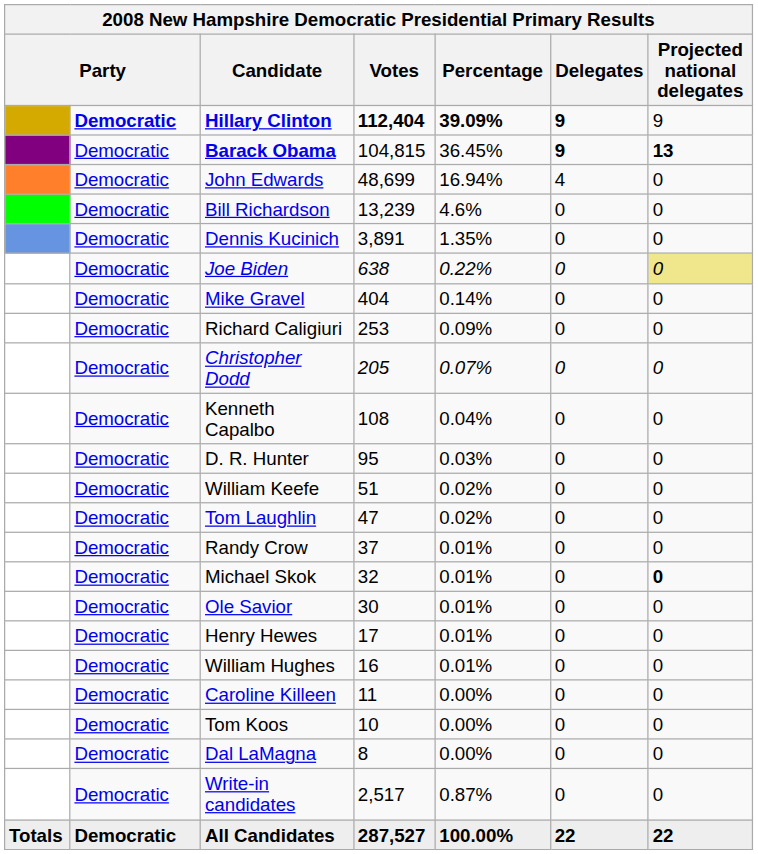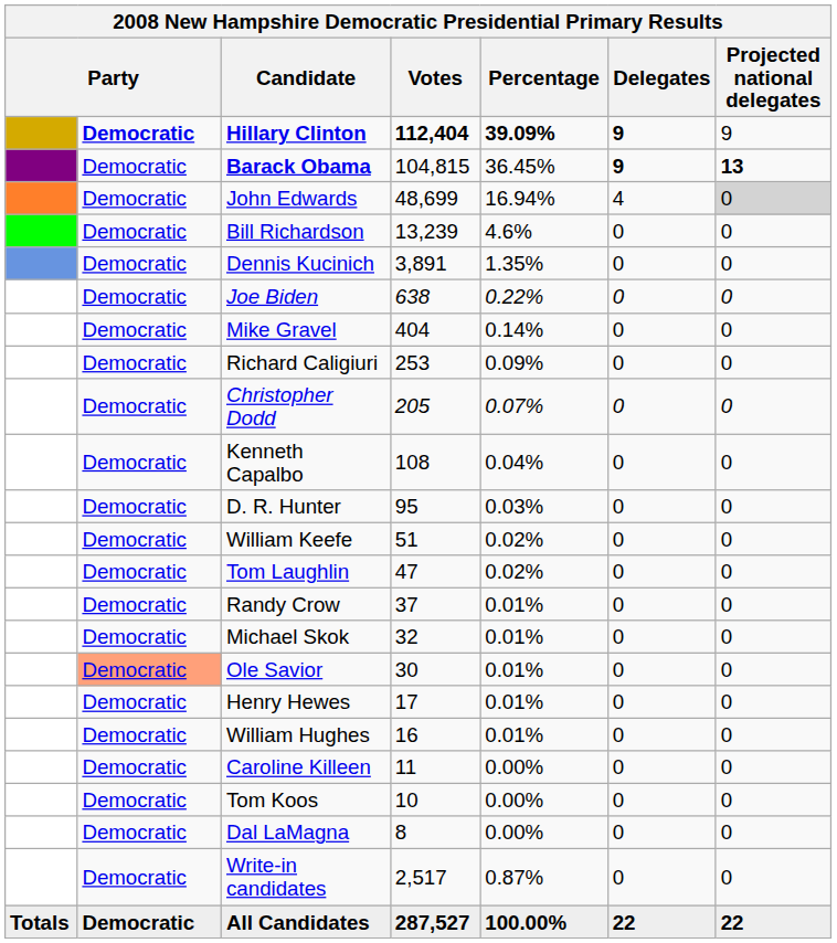 <table class="wikitable" style="font-size:95%;">
 <tr>
 <th colspan="7">2008 New Hampshire Democratic Presidential Primary Results</th>
 </tr>
 <tr>
 <th colspan="2" style="width: 15em">Party</th>
 <th style="width: 17em">Candidate</th>
 <th style="width: 5em">Votes</th>
 <th style="width: 7em">Percentage</th>
 <th style="width: 5em">Delegates</th>
 <th style="width: 7em">Projected national delegates</th>
 </tr>
 <tr>
 <th style="background-color:#D4AA00; width: 3px"></th>
 <td style="width: 130px"><strong><a href='#'>Democratic</a></strong></td>
 <td align="left"><strong><a href='#'>Hillary Clinton</a></strong></td>
 <td><strong>112,404</strong></td>
 <td><strong>39.09%</strong></td>
 <td><strong>9</strong></td>
 <td>9</td>
 </tr>
 <tr>
 <th style="background-color:#800080; width: 3px"></th>
 <td style="width: 130px"><a href='#'>Democratic</a></td>
 <td><strong><a href='#'>Barack Obama</a></strong></td>
 <td align="left">104,815</td>
 <td align="left">36.45%</td>
 <td align="left"><strong>9</strong></td>
 <td align="left'"><strong>13</strong></td>
 </tr>
 <tr>
 <th style="background-color:#FF7F2A; width: 3px"></th>
 <td style="width: 130px"><a href='#'>Democratic</a></td>
 <td align="left"><a href='#'>John Edwards</a></td>
 <td>48,699</td>
 <td>16.94%</td>
 <td>4</td>
-<td>0</td>
+<td style="background: lightgrey;">0</td>
 </tr>
 <tr>
 <th style="background-color:#00FF00; width: 3px"></th>
 <td style="width: 130px"><a href='#'>Democratic</a></td>
 <td align="left"><a href='#'>Bill Richardson</a></td>
 <td>13,239</td>
 <td>4.6%</td>
 <td>0</td>
 <td>0</td>
 </tr>
 <tr>
 <th style="background-color:#6794e0; width: 3px"></th>
 <td style="width: 130px"><a href='#'>Democratic</a></td>
 <td align="left"><a href='#'>Dennis Kucinich</a></td>
 <td>3,891</td>
 <td>1.35%</td>
 <td>0</td>
 <td>0</td>
 </tr>
 <tr>
 <th style="background-color:#ffffff; width: 3px"></th>
 <td style="width: 130px"><a href='#'>Democratic</a></td>
 <td align="left"><em><a href='#'>Joe Biden</a></em></td>
 <td><em>638</em></td>
 <td><em>0.22%</em></td>
 <td><em>0</em></td>
-<td style="background: khaki;"><em>0</em></td>
+<td><em>0</em></td>
 </tr>
 <tr>
 <th style="background-color:#ffffff; width: 3px"></th>
 <td style="width: 130px"><a href='#'>Democratic</a></td>
 <td align="left"><a href='#'>Mike Gravel</a></td>
 <td>404</td>
 <td>0.14%</td>
 <td>0</td>
 <td>0</td>
 </tr>
 <tr>
 <th style="background-color:#ffffff; width: 3px"></th>
 <td style="width: 130px"><a href='#'>Democratic</a></td>
 <td align="left">Richard Caligiuri</td>
 <td>253</td>
 <td>0.09%</td>
 <td>0</td>
 <td>0</td>
 </tr>
 <tr>
 <th style="background-color:#ffffff; width: 3px"></th>
 <td style="width: 130px"><a href='#'>Democratic</a></td>
 <td align="left"><em><a href='#'>Christopher Dodd</a></em></td>
 <td><em>205</em></td>
 <td><em>0.07%</em></td>
 <td><em>0</em></td>
 <td><em>0</em></td>
 </tr>
 <tr>
 <th style="background-color:#ffffff; width: 3px"></th>
 <td style="width: 130px"><a href='#'>Democratic</a></td>
 <td align="left">Kenneth Capalbo</td>
 <td>108</td>
 <td>0.04%</td>
 <td>0</td>
 <td>0</td>
 </tr>
 <tr>
 <th style="background-color:#ffffff; width: 3px"></th>
 <td style="width: 130px"><a href='#'>Democratic</a></td>
 <td align="left">D. R. Hunter</td>
 <td>95</td>
 <td>0.03%</td>
 <td>0</td>
 <td>0</td>
 </tr>
 <tr>
 <th style="background-color:#ffffff; width: 3px"></th>
 <td style="width: 130px"><a href='#'>Democratic</a></td>
 <td align="left">William Keefe</td>
 <td>51</td>
 <td>0.02%</td>
 <td>0</td>
 <td>0</td>
 </tr>
 <tr>
 <th style="background-color:#ffffff; width: 3px"></th>
 <td style="width: 130px"><a href='#'>Democratic</a></td>
 <td align="left"><a href='#'>Tom Laughlin</a></td>
 <td>47</td>
 <td>0.02%</td>
 <td>0</td>
 <td>0</td>
 </tr>
 <tr>
 <th style="background-color:#ffffff; width: 3px"></th>
 <td style="width: 130px"><a href='#'>Democratic</a></td>
 <td align="left">Randy Crow</td>
 <td>37</td>
 <td>0.01%</td>
 <td>0</td>
 <td>0</td>
 </tr>
 <tr>
 <th style="background-color:#ffffff; width: 3px"></th>
 <td style="width: 130px"><a href='#'>Democratic</a></td>
 <td align="left">Michael Skok</td>
 <td>32</td>
 <td>0.01%</td>
 <td>0</td>
-<td><strong>0</strong></td>
+<td>0</td>
 </tr>
 <tr>
 <th style="background-color:#ffffff; width: 3px"></th>
-<td style="width: 130px"><a href='#'>Democratic</a></td>
+<td style="background: lightsalmon; width: 130px"><a href='#'>Democratic</a></td>
 <td align="left"><a href='#'>Ole Savior</a></td>
 <td>30</td>
 <td>0.01%</td>
 <td>0</td>
 <td>0</td>
 </tr>
 <tr>
 <th style="background-color:#ffffff; width: 3px"></th>
 <td style="width: 130px"><a href='#'>Democratic</a></td>
 <td align="left">Henry Hewes</td>
 <td>17</td>
 <td>0.01%</td>
 <td>0</td>
 <td>0</td>
 </tr>
 <tr>
 <th style="background-color:#ffffff; width: 3px"></th>
 <td style="width: 130px"><a href='#'>Democratic</a></td>
 <td align="left">William Hughes</td>
 <td>16</td>
 <td>0.01%</td>
 <td>0</td>
 <td>0</td>
 </tr>
 <tr>
 <th style="background-color:#ffffff; width: 3px"></th>
 <td style="width: 130px"><a href='#'>Democratic</a></td>
 <td align="left"><a href='#'>Caroline Killeen</a></td>
 <td>11</td>
 <td>0.00%</td>
 <td>0</td>
 <td>0</td>
 </tr>
 <tr>
 <th style="background-color:#ffffff; width: 3px"></th>
 <td style="width: 130px"><a href='#'>Democratic</a></td>
 <td align="left">Tom Koos</td>
 <td>10</td>
 <td>0.00%</td>
 <td>0</td>
 <td>0</td>
 </tr>
 <tr>
 <th style="background-color:#ffffff; width: 3px"></th>
 <td style="width: 130px"><a href='#'>Democratic</a></td>
 <td align="left"><a href='#'>Dal LaMagna</a></td>
 <td>8</td>
 <td>0.00%</td>
 <td>0</td>
 <td>0</td>
 </tr>
 <tr>
 <th style="background-color:#ffffff; width: 3px"></th>
 <td style="width: 130px"><a href='#'>Democratic</a></td>
 <td align="left"><a href='#'>Write-in candidates</a></td>
 <td>2,517</td>
 <td>0.87%</td>
 <td>0</td>
 <td>0</td>
 </tr>
 <tr bgcolor="#EEEEEE" style="margin-right:0.5em">
 <td><strong>Totals</strong></td>
 <td><strong>Democratic</strong></td>
 <td><strong>All Candidates</strong></td>
 <td><strong>287,527</strong></td>
 <td><strong>100.00%</strong></td>
 <td><strong>22</strong></td>
 <td><strong>22</strong></td>
 </tr>
 </table>
